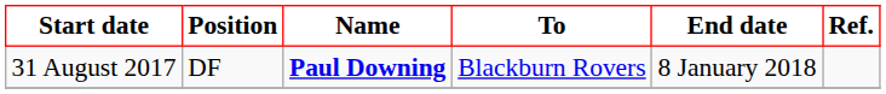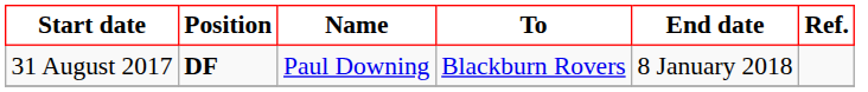 <table class="wikitable">
 <tr>
 <th style="background:#FFFFFF; color:black; border:1px solid red;">Start date</th>
 <th style="background:#FFFFFF; color:black; border:1px solid red;">Position</th>
 <th style="background:#FFFFFF; color:black; border:1px solid red;">Name</th>
 <th style="background:#FFFFFF; color:black; border:1px solid red;">To</th>
 <th style="background:#FFFFFF; color:black; border:1px solid red;">End date</th>
 <th style="background:#FFFFFF; color:black; border:1px solid red;">Ref.</th>
 </tr>
 <tr>
 <td>31 August 2017</td>
-<td>DF</td>
-<td><strong> <a href='#'>Paul Downing</a></strong></td>
+<td><strong>DF</strong></td>
+<td> <a href='#'>Paul Downing</a></td>
 <td><a href='#'>Blackburn Rovers</a></td>
 <td>8 January 2018</td>
 <td></td>
 </tr>
 <tr>
 </tr>
 </table>
